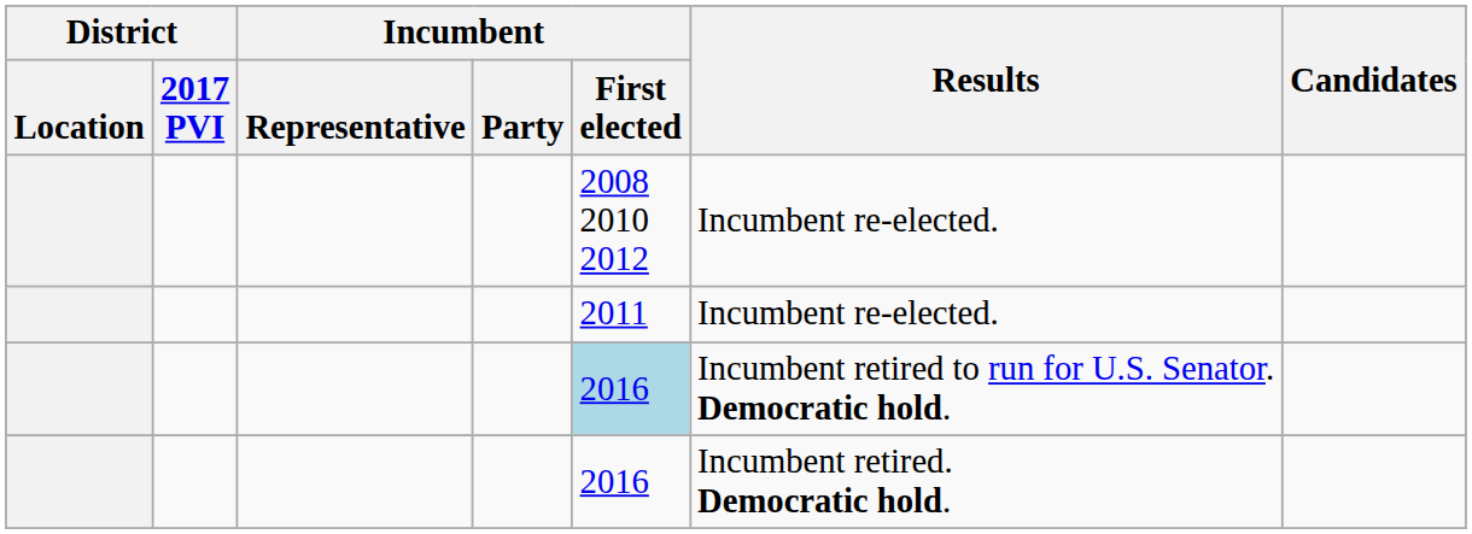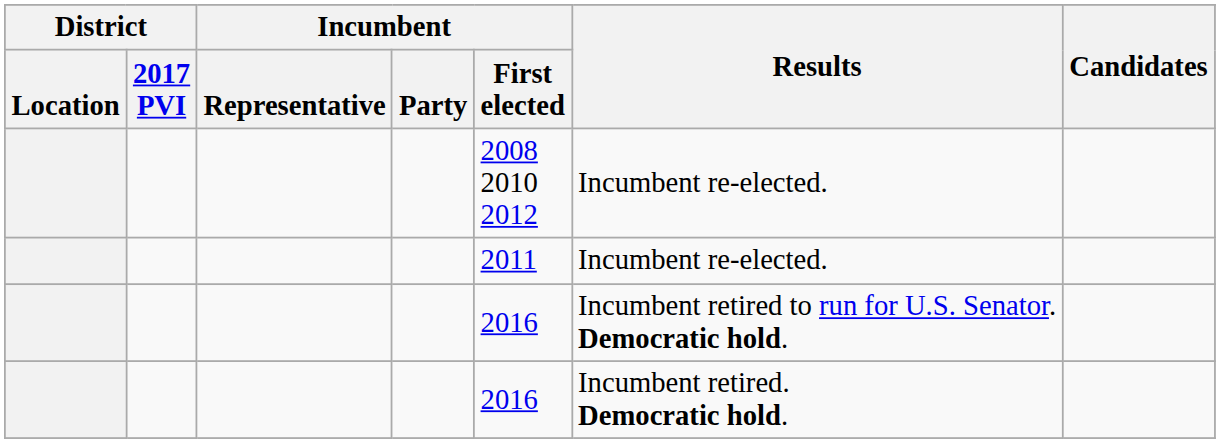 <table class="wikitable sortable">
 <tr>
 <th colspan=2>District</th>
 <th colspan=3>Incumbent</th>
 <th rowspan=2>Results</th>
 <th rowspan=2>Candidates</th>
 </tr>
 <tr valign=bottom>
 <th>Location</th>
 <th><a href='#'>2017<br>PVI</a></th>
 <th>Representative</th>
 <th>Party</th>
 <th>First<br>elected</th>
 </tr>
 <tr>
 <th></th>
 <td></td>
 <td></td>
 <td></td>
 <td><a href='#'>2008</a><br>2010 <br><a href='#'>2012</a></td>
 <td>Incumbent re-elected.</td>
 <td nowrap></td>
 </tr>
 <tr>
 <th></th>
 <td></td>
 <td></td>
 <td></td>
 <td><a href='#'>2011 </a></td>
 <td>Incumbent re-elected.</td>
 <td nowrap></td>
 </tr>
 <tr>
 <th></th>
 <td></td>
 <td></td>
 <td></td>
-<td style="background: lightblue;"><a href='#'>2016</a></td>
+<td><a href='#'>2016</a></td>
 <td>Incumbent retired to <a href='#'>run for U.S. Senator</a>.<br><strong>Democratic hold</strong>.</td>
 <td nowrap><br></td>
 </tr>
 <tr>
 <th></th>
 <td></td>
 <td></td>
 <td></td>
 <td><a href='#'>2016</a></td>
 <td>Incumbent retired.<br><strong>Democratic hold</strong>.</td>
 <td nowrap><br></td>
 </tr>
 </table>
